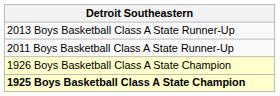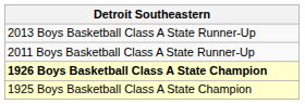 <table class="wikitable collapsible collapsed" style="min-width:25em; font-size:88%;">
 <tr>
 <th colspan="2">Detroit Southeastern</th>
 </tr>
 <tr>
 <td>2013 Boys Basketball Class A State Runner-Up</td>
 </tr>
 <tr>
 <td>2011 Boys Basketball Class A State Runner-Up</td>
 </tr>
 <tr style="background:#ffc;">
-<td>1926 Boys Basketball Class A State Champion</td>
+<td><strong>1926 Boys Basketball Class A State Champion</strong></td>
 </tr>
 <tr style="background:#ffc;">
-<td><strong>1925 Boys Basketball Class A State Champion</strong></td>
+<td>1925 Boys Basketball Class A State Champion</td>
 </tr>
 </table>
